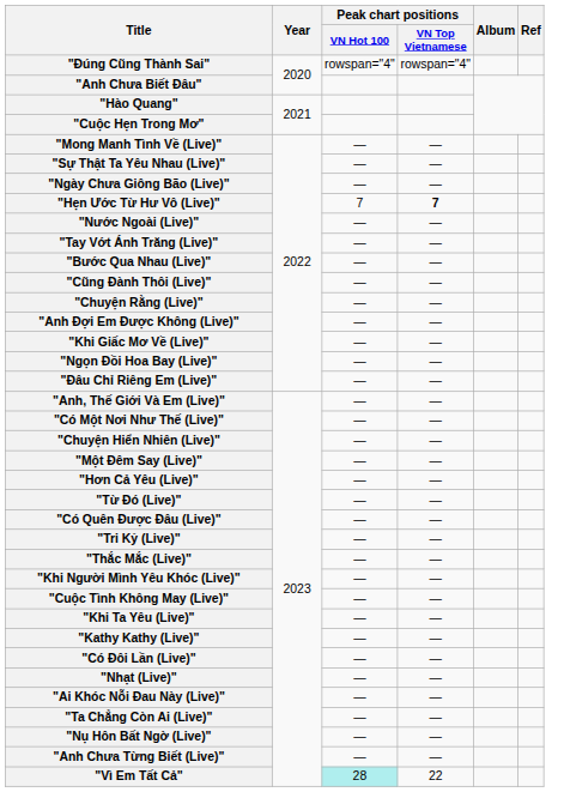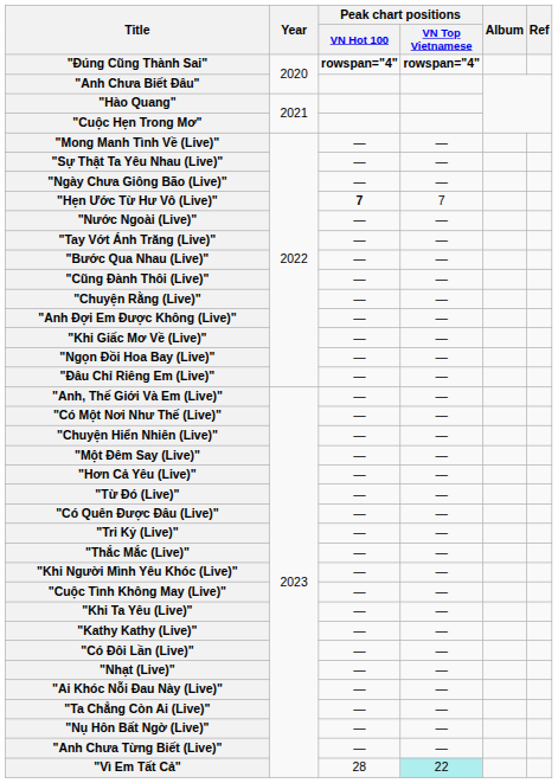 <table class="wikitable plainrowheaders" style="text-align:center;">
 <tr>
 <th scope="col" style="width:21em;" rowspan="2">Title</th>
 <th scope="col" style="width:3.5em;" rowspan="2">Year</th>
 <th colspan="2”">Peak chart positions</th>
 <th rowspan="2">Album</th>
 <th scope="col" class="unsortable" rowspan="2">Ref</th>
 </tr>
 <tr>
 <th style="width:4em;font-size:90%;"><a href='#'>VN Hot 100</a><br></th>
 <th style="width:4em;font-size:90%;"><a href='#'>VN Top Vietnamese</a><br></th>
 </tr>
 <tr>
 <th scope="row">"Đúng Cũng Thành Sai"</th>
 <td rowspan="2">2020</td>
-<td>rowspan="4" </td>
-<td>rowspan="4" </td>
+<td><strong>rowspan="4" </strong></td>
+<td><strong>rowspan="4" </strong></td>
 <td></td>
 <td></td>
 </tr>
 <tr>
 <th scope="row">"Anh Chưa Biết Đâu"</th>
 <td></td>
 <td></td>
 </tr>
 <tr>
 <th scope="row">"Hào Quang"</th>
 <td rowspan="2">2021</td>
 <td></td>
 <td></td>
 </tr>
 <tr>
 <th scope="row">"Cuộc Hẹn Trong Mơ"</th>
 <td></td>
 <td></td>
 </tr>
 <tr>
 <th scope="row">"Mong Manh Tình Về (Live)"</th>
 <td rowspan="13">2022</td>
 <td>—</td>
 <td>—</td>
 <td></td>
 <td></td>
 </tr>
 <tr>
 <th scope="row">"Sự Thật Ta Yêu Nhau (Live)" </th>
 <td>—</td>
 <td>—</td>
 <td></td>
 <td></td>
 </tr>
 <tr>
 <th scope="row">"Ngày Chưa Giông Bão (Live)"</th>
 <td>—</td>
 <td>—</td>
 <td></td>
 <td></td>
 </tr>
 <tr>
 <th scope="row">"Hẹn Ước Từ Hư Vô (Live)"</th>
+<td><strong>7</strong></td>
 <td>7</td>
-<td><strong>7</strong></td>
 <td></td>
 <td></td>
 </tr>
 <tr>
 <th scope="row">"Nước Ngoài (Live)"</th>
 <td>—</td>
 <td>—</td>
 <td></td>
 <td></td>
 </tr>
 <tr>
 <th scope="row">"Tay Vớt Ánh Trăng (Live)"</th>
 <td>—</td>
 <td>—</td>
 <td></td>
 <td></td>
 </tr>
 <tr>
 <th scope="row">"Bước Qua Nhau (Live)" </th>
 <td>—</td>
 <td>—</td>
 <td></td>
 <td></td>
 </tr>
 <tr>
 <th scope="row">"Cũng Đành Thôi (Live)"</th>
 <td>—</td>
 <td>—</td>
 <td></td>
 <td></td>
 </tr>
 <tr>
 <th scope="row">"Chuyện Rằng (Live)" </th>
 <td>—</td>
 <td>—</td>
 <td></td>
 <td></td>
 </tr>
 <tr>
 <th scope="row">"Anh Đợi Em Được Không (Live)"</th>
 <td>—</td>
 <td>—</td>
 <td></td>
 <td></td>
 </tr>
 <tr>
 <th scope="row">"Khi Giấc Mơ Về (Live)"</th>
 <td>—</td>
 <td>—</td>
 <td></td>
 <td></td>
 </tr>
 <tr>
 <th scope="row">"Ngọn Đồi Hoa Bay (Live)"</th>
 <td>—</td>
 <td>—</td>
 <td></td>
 <td></td>
 </tr>
 <tr>
 <th scope="row">"Đâu Chỉ Riêng Em (Live)"</th>
 <td>—</td>
 <td>—</td>
 <td></td>
 <td></td>
 </tr>
 <tr>
 <th scope="row">"Anh, Thế Giới Và Em (Live)"</th>
 <td rowspan="20">2023</td>
 <td>—</td>
 <td>—</td>
 <td></td>
 <td></td>
 </tr>
 <tr>
 <th scope="row">"Có Một Nơi Như Thế (Live)" </th>
 <td>—</td>
 <td>—</td>
 <td></td>
 <td></td>
 </tr>
 <tr>
 <th scope="row">"Chuyện Hiển Nhiên (Live)"</th>
 <td>—</td>
 <td>—</td>
 <td></td>
 <td></td>
 </tr>
 <tr>
 <th scope="row">"Một Đêm Say (Live)"</th>
 <td>—</td>
 <td>—</td>
 <td></td>
 <td></td>
 </tr>
 <tr>
 <th scope="row">"Hơn Cả Yêu (Live)" </th>
 <td>—</td>
 <td>—</td>
 <td></td>
 <td></td>
 </tr>
 <tr>
 <th scope="row">"Từ Đó (Live)"</th>
 <td>—</td>
 <td>—</td>
 <td></td>
 <td></td>
 </tr>
 <tr>
 <th scope="row">"Có Quên Được Đâu (Live)"</th>
 <td>—</td>
 <td>—</td>
 <td></td>
 <td></td>
 </tr>
 <tr>
 <th scope="row">"Tri Kỷ (Live)" </th>
 <td>—</td>
 <td>—</td>
 <td></td>
 <td></td>
 </tr>
 <tr>
 <th scope="row">"Thắc Mắc (Live)" </th>
 <td>—</td>
 <td>—</td>
 <td></td>
 <td></td>
 </tr>
 <tr>
 <th scope="row">"Khi Người Mình Yêu Khóc (Live)"</th>
 <td>—</td>
 <td>—</td>
 <td></td>
 <td></td>
 </tr>
 <tr>
 <th scope="row">"Cuộc Tình Không May (Live)" </th>
 <td>—</td>
 <td>—</td>
 <td></td>
 <td></td>
 </tr>
 <tr>
 <th scope="row">"Khi Ta Yêu (Live)"</th>
 <td>—</td>
 <td>—</td>
 <td></td>
 <td></td>
 </tr>
 <tr>
 <th scope="row">"Kathy Kathy (Live)"</th>
 <td>—</td>
 <td>—</td>
 <td></td>
 <td></td>
 </tr>
 <tr>
 <th scope="row">"Có Đôi Lần (Live)" </th>
 <td>—</td>
 <td>—</td>
 <td></td>
 <td></td>
 </tr>
 <tr>
 <th scope="row">"Nhạt (Live)"</th>
 <td>—</td>
 <td>—</td>
 <td></td>
 <td></td>
 </tr>
 <tr>
 <th scope="row">"Ai Khóc Nỗi Đau Này (Live)"</th>
 <td>—</td>
 <td>—</td>
 <td></td>
 <td></td>
 </tr>
 <tr>
 <th scope="row">"Ta Chẳng Còn Ai (Live)"</th>
 <td>—</td>
 <td>—</td>
 <td></td>
 <td></td>
 </tr>
 <tr>
 <th scope="row">"Nụ Hôn Bất Ngờ (Live)"</th>
 <td>—</td>
 <td>—</td>
 <td></td>
 <td></td>
 </tr>
 <tr>
 <th scope="row">"Anh Chưa Từng Biết (Live)"</th>
 <td>—</td>
 <td>—</td>
 <td></td>
 <td></td>
 </tr>
 <tr>
 <th scope="row">"Vì Em Tất Cả"</th>
-<td style="background: paleturquoise;">28</td>
-<td>22</td>
+<td>28</td>
+<td style="background: paleturquoise;">22</td>
 <td></td>
 <td></td>
 </tr>
 </table>
